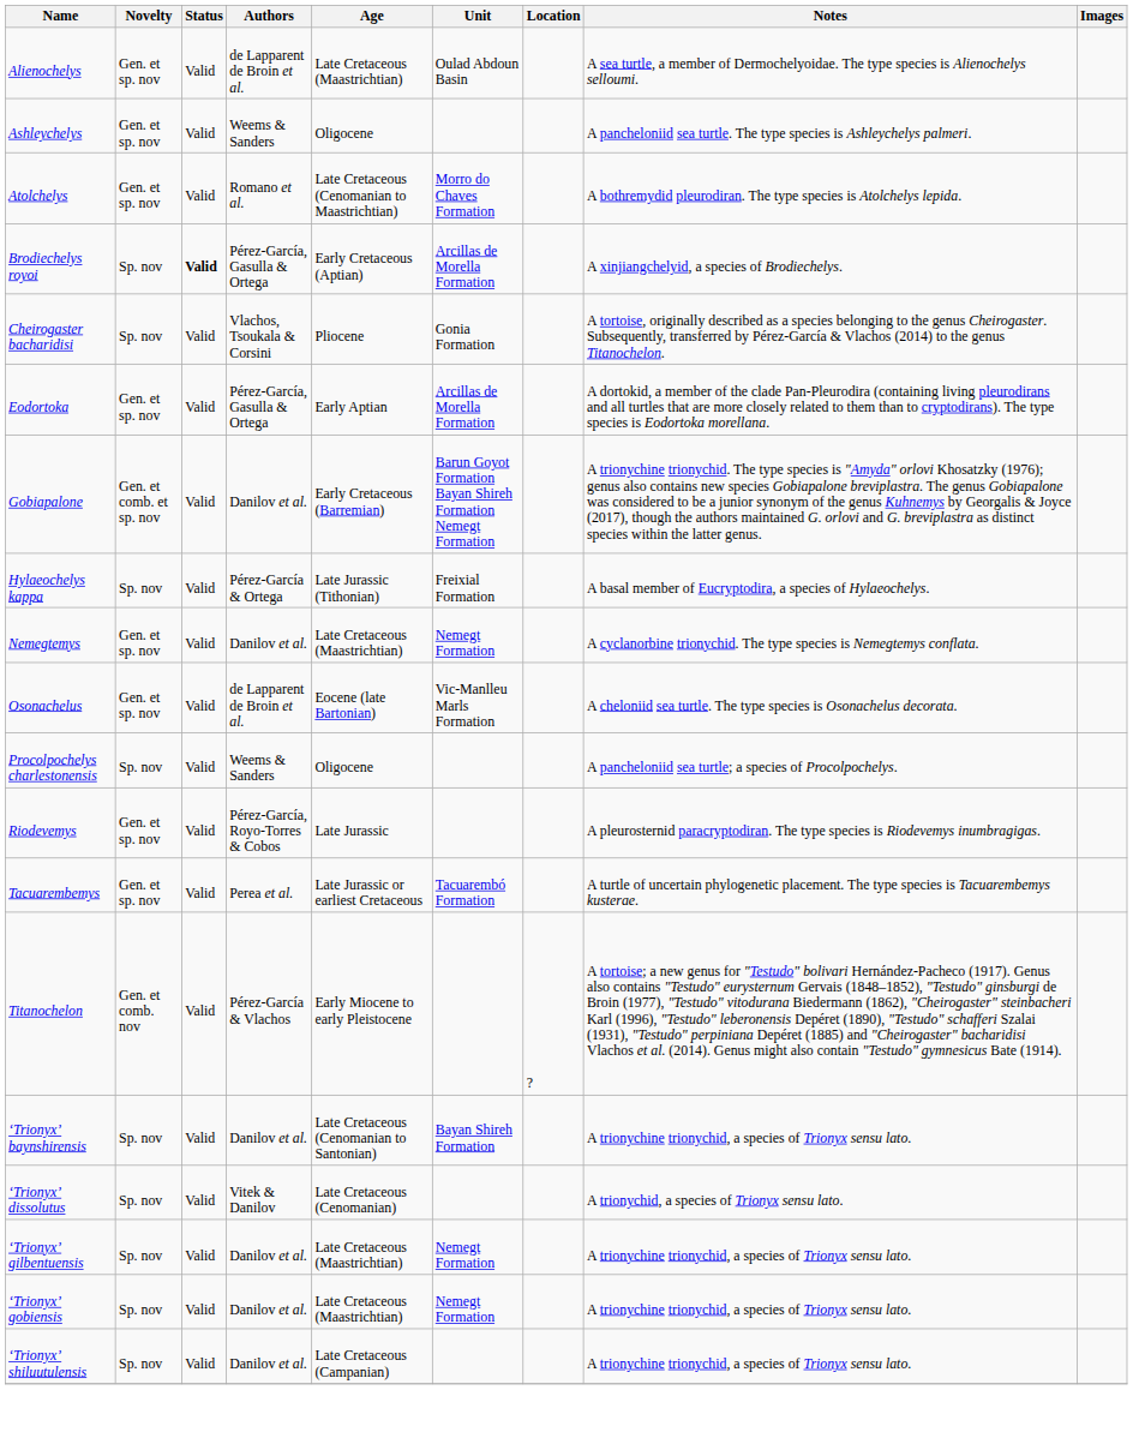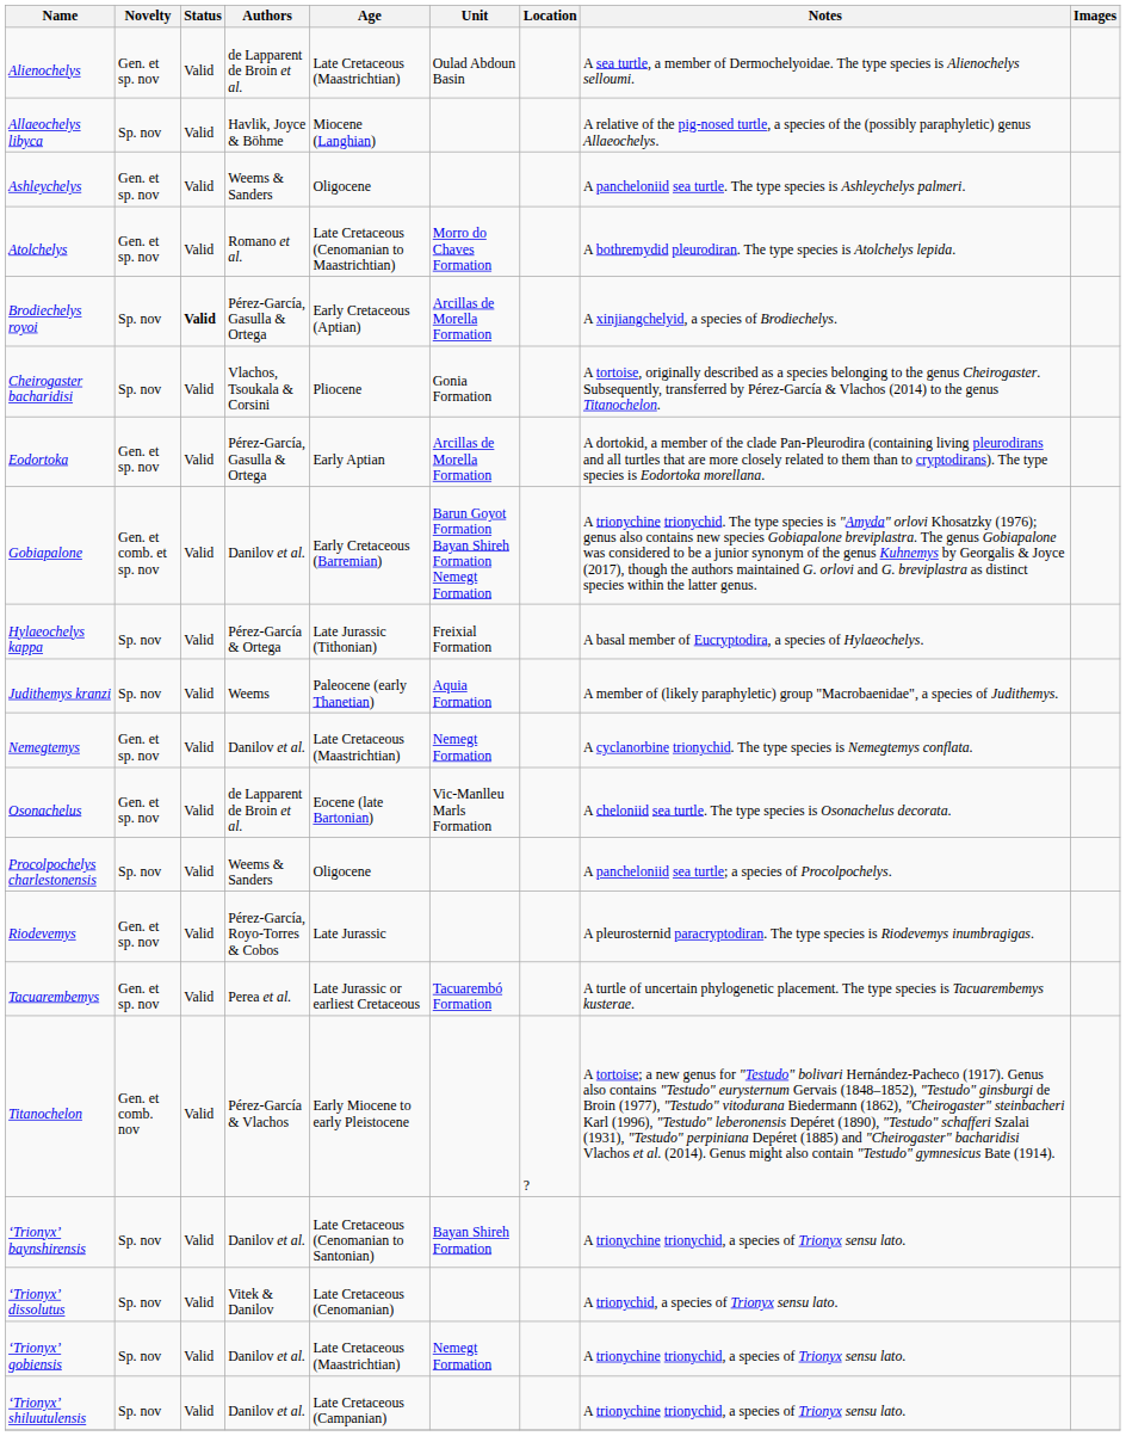 <table class="wikitable sortable" align="center" width="100%">
 <tr>
 <th>Name</th>
 <th>Novelty</th>
 <th>Status</th>
 <th>Authors</th>
 <th>Age</th>
 <th>Unit</th>
 <th>Location</th>
 <th>Notes</th>
 <th>Images</th>
 </tr>
 <tr>
 <td><br><em><a href='#'>Alienochelys</a></em></td>
 <td><br>Gen. et sp. nov</td>
 <td><br>Valid</td>
 <td><br>de Lapparent de Broin <em>et al.</em></td>
 <td><br>Late Cretaceous (Maastrichtian)</td>
 <td><br>Oulad Abdoun Basin</td>
 <td><br></td>
 <td><br>A <a href='#'>sea turtle</a>, a member of Dermochelyoidae. The type species is <em>Alienochelys selloumi</em>.</td>
+<td></td>
+</tr>
+<tr>
+<td><br><em><a href='#'>Allaeochelys libyca</a></em></td>
+<td><br>Sp. nov</td>
+<td><br>Valid</td>
+<td><br>Havlik, Joyce & Böhme</td>
+<td><br>Miocene (<a href='#'>Langhian</a>)</td>
+<td></td>
+<td><br></td>
+<td><br>A relative of the <a href='#'>pig-nosed turtle</a>, a species of the (possibly paraphyletic) genus <em>Allaeochelys</em>.</td>
 <td></td>
 </tr>
 <tr>
 <td><br><em><a href='#'>Ashleychelys</a></em></td>
 <td><br>Gen. et sp. nov</td>
 <td><br>Valid</td>
 <td><br>Weems & Sanders</td>
 <td><br>Oligocene</td>
 <td></td>
 <td><br></td>
 <td><br>A <a href='#'>pancheloniid</a> <a href='#'>sea turtle</a>. The type species is <em>Ashleychelys palmeri</em>.</td>
 <td></td>
 </tr>
 <tr>
 <td><br><em><a href='#'>Atolchelys</a></em></td>
 <td><br>Gen. et sp. nov</td>
 <td><br>Valid</td>
 <td><br>Romano <em>et al.</em></td>
 <td><br>Late Cretaceous (Cenomanian to Maastrichtian)</td>
 <td><br><a href='#'>Morro do Chaves Formation</a></td>
 <td><br></td>
 <td><br>A <a href='#'>bothremydid</a> <a href='#'>pleurodiran</a>. The type species is <em>Atolchelys lepida</em>.</td>
 <td></td>
 </tr>
 <tr>
 <td><br><em><a href='#'>Brodiechelys royoi</a></em></td>
 <td><br>Sp. nov</td>
 <td><strong><br>Valid</strong></td>
 <td><br>Pérez-García, Gasulla & Ortega</td>
 <td><br>Early Cretaceous (Aptian)</td>
 <td><br><a href='#'>Arcillas de Morella Formation</a></td>
 <td><br></td>
 <td><br>A <a href='#'>xinjiangchelyid</a>, a species of <em>Brodiechelys</em>.</td>
 <td></td>
 </tr>
 <tr>
 <td><br><em><a href='#'>Cheirogaster bacharidisi</a></em></td>
 <td><br>Sp. nov</td>
 <td><br>Valid</td>
 <td><br>Vlachos, Tsoukala & Corsini</td>
 <td><br>Pliocene</td>
 <td><br>Gonia Formation</td>
 <td><br></td>
 <td><br>A <a href='#'>tortoise</a>, originally described as a species belonging to the genus <em>Cheirogaster</em>. Subsequently, transferred by Pérez-García & Vlachos (2014) to the genus <em><a href='#'>Titanochelon</a></em>.</td>
 <td></td>
 </tr>
 <tr>
 <td><br><em><a href='#'>Eodortoka</a></em></td>
 <td><br>Gen. et sp. nov</td>
 <td><br>Valid</td>
 <td><br>Pérez-García, Gasulla & Ortega</td>
 <td><br>Early Aptian</td>
 <td><br><a href='#'>Arcillas de Morella Formation</a></td>
 <td><br></td>
 <td><br>A dortokid, a member of the clade Pan-Pleurodira (containing living <a href='#'>pleurodirans</a> and all turtles that are more closely related to them than to <a href='#'>cryptodirans</a>). The type species is <em>Eodortoka morellana</em>.</td>
 <td></td>
 </tr>
 <tr>
 <td><br><em><a href='#'>Gobiapalone</a></em></td>
 <td><br>Gen. et comb. et sp. nov</td>
 <td><br>Valid</td>
 <td><br>Danilov <em>et al.</em></td>
 <td><br>Early Cretaceous (<a href='#'>Barremian</a>)</td>
 <td><br><a href='#'>Barun Goyot Formation</a><br> <a href='#'>Bayan Shireh Formation</a><br> <a href='#'>Nemegt Formation</a></td>
 <td><br></td>
 <td><br>A <a href='#'>trionychine</a> <a href='#'>trionychid</a>. The type species is <em>"<a href='#'>Amyda</a>" orlovi</em> Khosatzky (1976); genus also contains new species <em>Gobiapalone breviplastra</em>. The genus <em>Gobiapalone</em> was considered to be a junior synonym of the genus <em><a href='#'>Kuhnemys</a></em> by Georgalis & Joyce (2017), though the authors maintained <em>G. orlovi</em> and <em>G. breviplastra</em> as distinct species within the latter genus.</td>
 <td></td>
 </tr>
 <tr>
 <td><br><em><a href='#'>Hylaeochelys kappa</a></em></td>
 <td><br>Sp. nov</td>
 <td><br>Valid</td>
 <td><br>Pérez-García & Ortega</td>
 <td><br>Late Jurassic (Tithonian)</td>
 <td><br>Freixial Formation</td>
 <td><br></td>
 <td><br>A basal member of <a href='#'>Eucryptodira</a>, a species of <em>Hylaeochelys</em>.</td>
+<td></td>
+</tr>
+<tr>
+<td><br><em><a href='#'>Judithemys kranzi</a></em></td>
+<td><br>Sp. nov</td>
+<td><br>Valid</td>
+<td><br>Weems</td>
+<td><br>Paleocene (early <a href='#'>Thanetian</a>)</td>
+<td><br><a href='#'>Aquia Formation</a></td>
+<td><br></td>
+<td><br>A member of (likely paraphyletic) group "Macrobaenidae", a species of <em>Judithemys</em>.</td>
 <td></td>
 </tr>
 <tr>
 <td><br><em><a href='#'>Nemegtemys</a></em></td>
 <td><br>Gen. et sp. nov</td>
 <td><br>Valid</td>
 <td><br>Danilov <em>et al.</em></td>
 <td><br>Late Cretaceous (Maastrichtian)</td>
 <td><br><a href='#'>Nemegt Formation</a></td>
 <td><br></td>
 <td><br>A <a href='#'>cyclanorbine</a> <a href='#'>trionychid</a>. The type species is <em>Nemegtemys conflata</em>.</td>
 <td></td>
 </tr>
 <tr>
 <td><br><em><a href='#'>Osonachelus</a></em></td>
 <td><br>Gen. et sp. nov</td>
 <td><br>Valid</td>
 <td><br>de Lapparent de Broin <em>et al.</em></td>
 <td><br>Eocene (late <a href='#'>Bartonian</a>)</td>
 <td><br>Vic-Manlleu Marls Formation</td>
 <td><br></td>
 <td><br>A <a href='#'>cheloniid</a> <a href='#'>sea turtle</a>. The type species is <em>Osonachelus decorata</em>.</td>
 <td></td>
 </tr>
 <tr>
 <td><br><em><a href='#'>Procolpochelys charlestonensis</a></em></td>
 <td><br>Sp. nov</td>
 <td><br>Valid</td>
 <td><br>Weems & Sanders</td>
 <td><br>Oligocene</td>
 <td></td>
 <td><br></td>
 <td><br>A <a href='#'>pancheloniid</a> <a href='#'>sea turtle</a>; a species of <em>Procolpochelys</em>.</td>
 <td></td>
 </tr>
 <tr>
 <td><br><em><a href='#'>Riodevemys</a></em></td>
 <td><br>Gen. et sp. nov</td>
 <td><br>Valid</td>
 <td><br>Pérez-García, Royo-Torres & Cobos</td>
 <td><br>Late Jurassic</td>
 <td></td>
 <td><br></td>
 <td><br>A pleurosternid <a href='#'>paracryptodiran</a>. The type species is <em>Riodevemys inumbragigas</em>.</td>
 <td></td>
 </tr>
 <tr>
 <td><br><em><a href='#'>Tacuarembemys</a></em></td>
 <td><br>Gen. et sp. nov</td>
 <td><br>Valid</td>
 <td><br>Perea <em>et al.</em></td>
 <td><br>Late Jurassic or earliest Cretaceous</td>
 <td><br><a href='#'>Tacuarembó Formation</a></td>
 <td><br></td>
 <td><br>A turtle of uncertain phylogenetic placement. The type species is <em>Tacuarembemys kusterae</em>.</td>
 <td></td>
 </tr>
 <tr>
 <td><br><em><a href='#'>Titanochelon</a></em></td>
 <td><br>Gen. et comb. nov</td>
 <td><br>Valid</td>
 <td><br>Pérez-García & Vlachos</td>
 <td><br>Early Miocene to early Pleistocene</td>
 <td></td>
 <td><br><br> <br> <br> <br> <br> <br> <br> <br> <br> ?</td>
 <td><br>A <a href='#'>tortoise</a>; a new genus for <em>"<a href='#'>Testudo</a>" bolivari</em> Hernández-Pacheco (1917). Genus also contains <em>"Testudo" eurysternum</em> Gervais (1848–1852), <em>"Testudo" ginsburgi</em> de Broin (1977), <em>"Testudo" vitodurana</em> Biedermann (1862), <em>"Cheirogaster" steinbacheri</em> Karl (1996), <em>"Testudo" leberonensis</em> Depéret (1890), <em>"Testudo" schafferi</em> Szalai (1931), <em>"Testudo" perpiniana</em> Depéret (1885) and <em>"Cheirogaster" bacharidisi</em> Vlachos <em>et al.</em> (2014). Genus might also contain <em>"Testudo" gymnesicus</em> Bate (1914).</td>
 <td></td>
 </tr>
 <tr>
 <td><br><em><a href='#'>‘Trionyx’ baynshirensis</a></em></td>
 <td><br>Sp. nov</td>
 <td><br>Valid</td>
 <td><br>Danilov <em>et al.</em></td>
 <td><br>Late Cretaceous (Cenomanian to Santonian)</td>
 <td><br><a href='#'>Bayan Shireh Formation</a></td>
 <td><br></td>
 <td><br>A <a href='#'>trionychine</a> <a href='#'>trionychid</a>, a species of <em><a href='#'>Trionyx</a></em> <em>sensu lato</em>.</td>
 <td></td>
 </tr>
 <tr>
 <td><br><em><a href='#'>‘Trionyx’ dissolutus</a></em></td>
 <td><br>Sp. nov</td>
 <td><br>Valid</td>
 <td><br>Vitek & Danilov</td>
 <td><br>Late Cretaceous (Cenomanian)</td>
 <td></td>
 <td><br></td>
 <td><br>A <a href='#'>trionychid</a>, a species of <em><a href='#'>Trionyx</a></em> <em>sensu lato</em>.</td>
 <td></td>
 </tr>
 <tr>
-<td><br><em><a href='#'>‘Trionyx’ gilbentuensis</a></em></td>
-<td><br>Sp. nov</td>
-<td><br>Valid</td>
-<td><br>Danilov <em>et al.</em></td>
-<td><br>Late Cretaceous (Maastrichtian)</td>
-<td><br><a href='#'>Nemegt Formation</a></td>
-<td><br></td>
-<td><br>A <a href='#'>trionychine</a> <a href='#'>trionychid</a>, a species of <em><a href='#'>Trionyx</a></em> <em>sensu lato</em>.</td>
-<td></td>
-</tr>
-<tr>
 <td><br><em><a href='#'>‘Trionyx’ gobiensis</a></em></td>
 <td><br>Sp. nov</td>
 <td><br>Valid</td>
 <td><br>Danilov <em>et al.</em></td>
 <td><br>Late Cretaceous (Maastrichtian)</td>
 <td><br><a href='#'>Nemegt Formation</a></td>
 <td><br></td>
 <td><br>A <a href='#'>trionychine</a> <a href='#'>trionychid</a>, a species of <em><a href='#'>Trionyx</a></em> <em>sensu lato</em>.</td>
 <td></td>
 </tr>
 <tr>
 <td><br><em><a href='#'>‘Trionyx’ shiluutulensis</a></em></td>
 <td><br>Sp. nov</td>
 <td><br>Valid</td>
 <td><br>Danilov <em>et al.</em></td>
 <td><br>Late Cretaceous (Campanian)</td>
 <td></td>
 <td><br></td>
 <td><br>A <a href='#'>trionychine</a> <a href='#'>trionychid</a>, a species of <em><a href='#'>Trionyx</a></em> <em>sensu lato</em>.</td>
 <td></td>
 </tr>
 <tr>
 </tr>
 </table>
